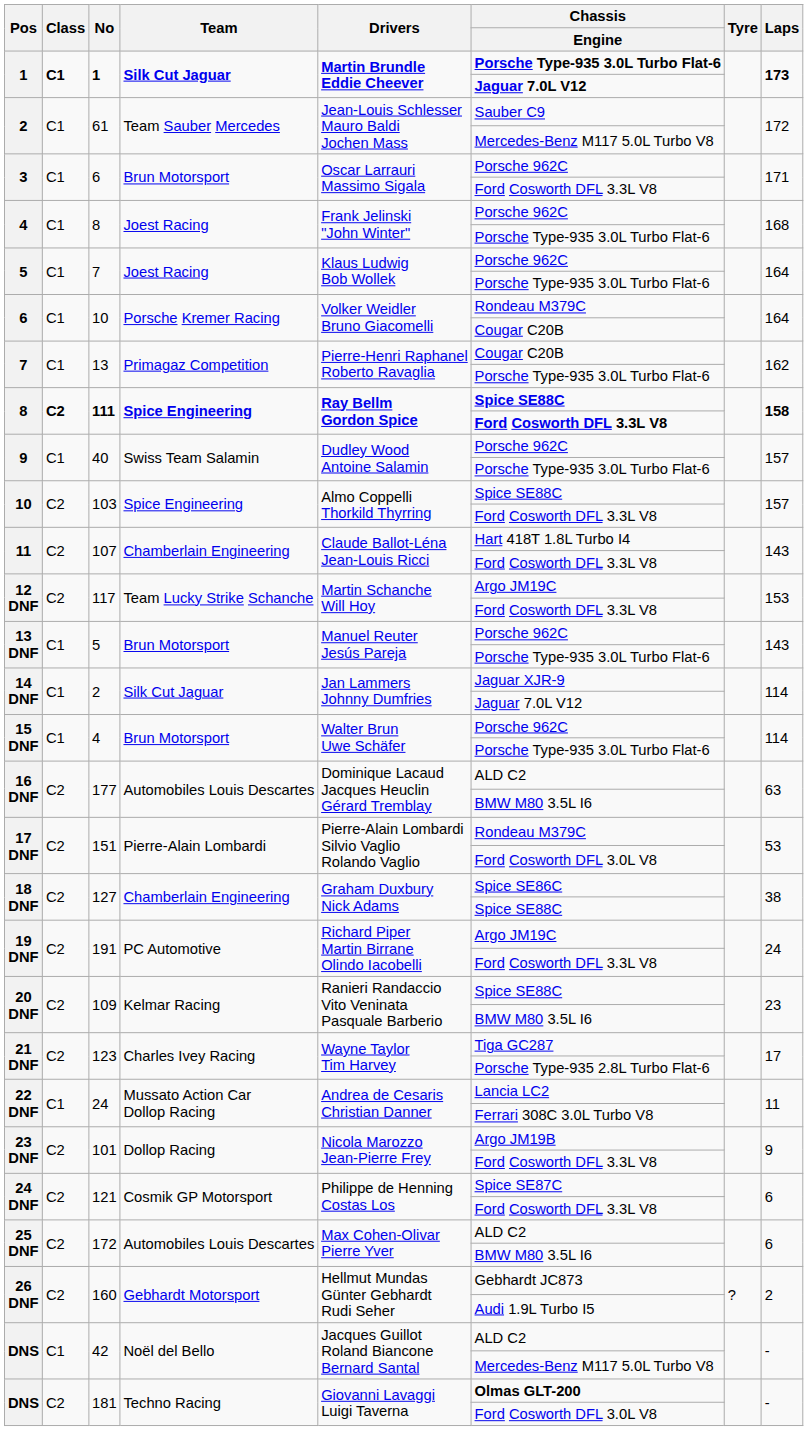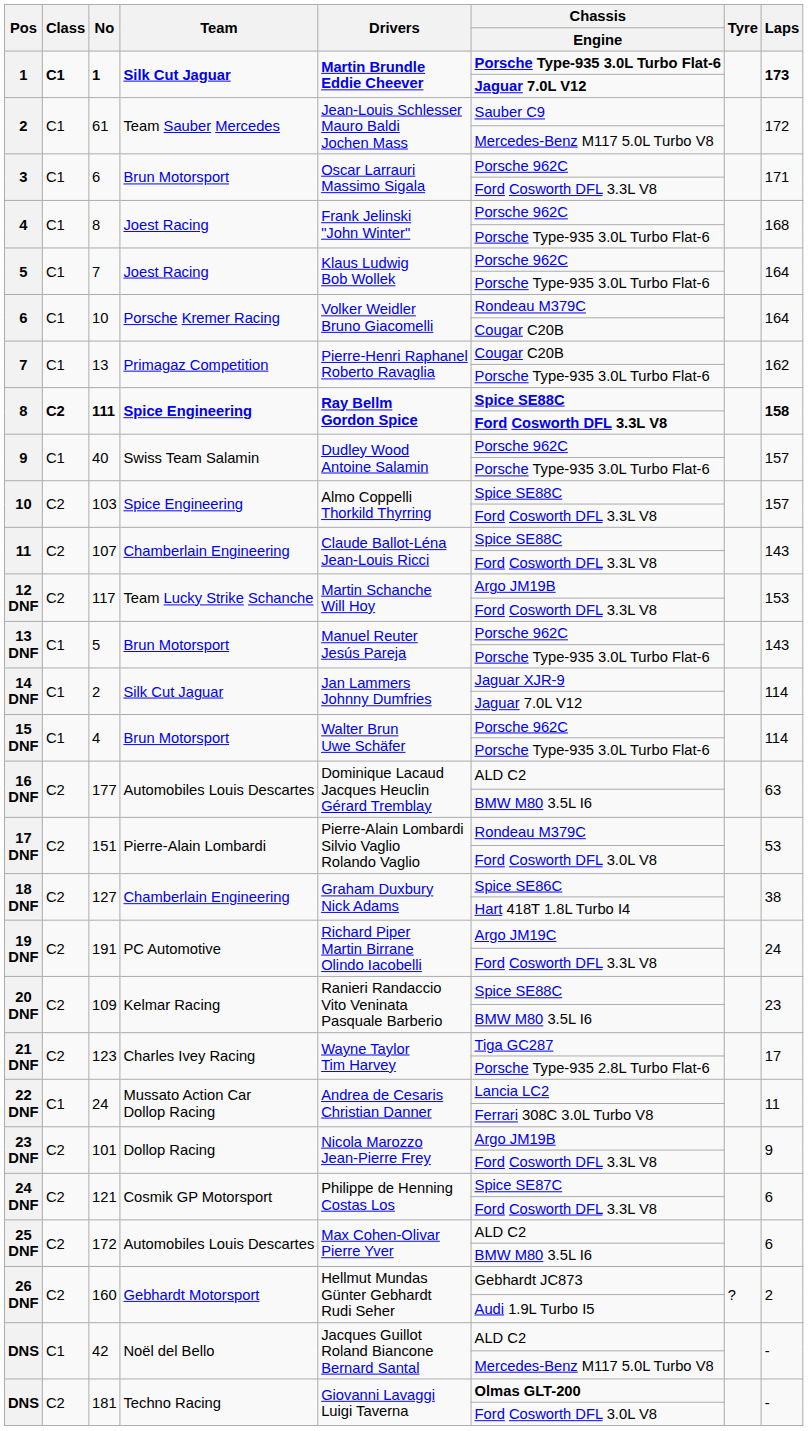 <table class="wikitable" style="font-size: 95%;">
 <tr>
 <th rowspan=2>Pos</th>
 <th rowspan=2>Class</th>
 <th rowspan=2>No</th>
 <th rowspan=2>Team</th>
 <th rowspan=2>Drivers</th>
 <th>Chassis</th>
 <th rowspan=2>Tyre</th>
 <th rowspan=2>Laps</th>
 </tr>
 <tr>
 <th>Engine</th>
 </tr>
 <tr style="font-weight:bold">
 <th rowspan=2>1</th>
 <td rowspan=2>C1</td>
 <td rowspan=2>1</td>
 <td rowspan=2> <a href='#'>Silk Cut Jaguar</a></td>
 <td rowspan=2> <a href='#'>Martin Brundle</a><br> <a href='#'>Eddie Cheever</a></td>
 <td><a href='#'>Porsche</a> Type-935 3.0L Turbo Flat-6</td>
 <td rowspan=2></td>
 <td rowspan=2>173</td>
 </tr>
 <tr style="font-weight:bold">
 <td><a href='#'>Jaguar</a> 7.0L V12</td>
 </tr>
 <tr>
 <th rowspan=2>2</th>
 <td rowspan=2>C1</td>
 <td rowspan=2>61</td>
 <td rowspan=2> Team <a href='#'>Sauber</a> <a href='#'>Mercedes</a></td>
 <td rowspan=2> <a href='#'>Jean-Louis Schlesser</a><br> <a href='#'>Mauro Baldi</a><br> <a href='#'>Jochen Mass</a></td>
 <td><a href='#'>Sauber C9</a></td>
 <td rowspan=2></td>
 <td rowspan=2>172</td>
 </tr>
 <tr>
 <td><a href='#'>Mercedes-Benz</a> M117 5.0L Turbo V8</td>
 </tr>
 <tr>
 <th rowspan=2>3</th>
 <td rowspan=2>C1</td>
 <td rowspan=2>6</td>
 <td rowspan=2> <a href='#'>Brun Motorsport</a></td>
 <td rowspan=2> <a href='#'>Oscar Larrauri</a><br> <a href='#'>Massimo Sigala</a></td>
 <td><a href='#'>Porsche 962C</a></td>
 <td rowspan=2></td>
 <td rowspan=2>171</td>
 </tr>
 <tr>
 <td><a href='#'>Ford</a> <a href='#'>Cosworth DFL</a> 3.3L V8</td>
 </tr>
 <tr>
 <th rowspan=2>4</th>
 <td rowspan=2>C1</td>
 <td rowspan=2>8</td>
 <td rowspan=2> <a href='#'>Joest Racing</a></td>
 <td rowspan=2> <a href='#'>Frank Jelinski</a><br> <a href='#'>"John Winter"</a></td>
 <td><a href='#'>Porsche 962C</a></td>
 <td rowspan=2></td>
 <td rowspan=2>168</td>
 </tr>
 <tr>
 <td><a href='#'>Porsche</a> Type-935 3.0L Turbo Flat-6</td>
 </tr>
 <tr>
 <th rowspan=2>5</th>
 <td rowspan=2>C1</td>
 <td rowspan=2>7</td>
 <td rowspan=2> <a href='#'>Joest Racing</a></td>
 <td rowspan=2> <a href='#'>Klaus Ludwig</a><br> <a href='#'>Bob Wollek</a></td>
 <td><a href='#'>Porsche 962C</a></td>
 <td rowspan=2></td>
 <td rowspan=2>164</td>
 </tr>
 <tr>
 <td><a href='#'>Porsche</a> Type-935 3.0L Turbo Flat-6</td>
 </tr>
 <tr>
 <th rowspan=2>6</th>
 <td rowspan=2>C1</td>
 <td rowspan=2>10</td>
 <td rowspan=2> <a href='#'>Porsche</a> <a href='#'>Kremer Racing</a></td>
 <td rowspan=2> <a href='#'>Volker Weidler</a><br> <a href='#'>Bruno Giacomelli</a></td>
 <td><a href='#'>Rondeau M379C</a></td>
 <td rowspan=2></td>
 <td rowspan=2>164</td>
 </tr>
 <tr>
 <td><a href='#'>Cougar</a> C20B</td>
 </tr>
 <tr>
 <th rowspan=2>7</th>
 <td rowspan=2>C1</td>
 <td rowspan=2>13</td>
 <td rowspan=2> <a href='#'>Primagaz Competition</a></td>
 <td rowspan=2> <a href='#'>Pierre-Henri Raphanel</a><br> <a href='#'>Roberto Ravaglia</a></td>
 <td><a href='#'>Cougar</a> C20B</td>
 <td rowspan=2></td>
 <td rowspan=2>162</td>
 </tr>
 <tr>
 <td><a href='#'>Porsche</a> Type-935 3.0L Turbo Flat-6</td>
 </tr>
 <tr style="font-weight:bold">
 <th rowspan=2>8</th>
 <td rowspan=2>C2</td>
 <td rowspan=2>111</td>
 <td rowspan=2> <a href='#'>Spice Engineering</a></td>
 <td rowspan=2> <a href='#'>Ray Bellm</a><br> <a href='#'>Gordon Spice</a></td>
 <td><a href='#'>Spice SE88C</a></td>
 <td rowspan=2></td>
 <td rowspan=2>158</td>
 </tr>
 <tr style="font-weight:bold">
 <td><a href='#'>Ford</a> <a href='#'>Cosworth DFL</a> 3.3L V8</td>
 </tr>
 <tr>
 <th rowspan=2>9</th>
 <td rowspan=2>C1</td>
 <td rowspan=2>40</td>
 <td rowspan=2> Swiss Team Salamin</td>
 <td rowspan=2> <a href='#'>Dudley Wood</a><br> <a href='#'>Antoine Salamin</a></td>
 <td><a href='#'>Porsche 962C</a></td>
 <td rowspan=2></td>
 <td rowspan=2>157</td>
 </tr>
 <tr>
 <td><a href='#'>Porsche</a> Type-935 3.0L Turbo Flat-6</td>
 </tr>
 <tr>
 <th rowspan=2>10</th>
 <td rowspan=2>C2</td>
 <td rowspan=2>103</td>
 <td rowspan=2> <a href='#'>Spice Engineering</a></td>
 <td rowspan=2> Almo Coppelli<br> <a href='#'>Thorkild Thyrring</a></td>
 <td><a href='#'>Spice SE88C</a></td>
 <td rowspan=2></td>
 <td rowspan=2>157</td>
 </tr>
 <tr>
 <td><a href='#'>Ford</a> <a href='#'>Cosworth DFL</a> 3.3L V8</td>
 </tr>
 <tr>
 <th rowspan=2>11</th>
 <td rowspan=2>C2</td>
 <td rowspan=2>107</td>
 <td rowspan=2> <a href='#'>Chamberlain Engineering</a></td>
 <td rowspan=2> <a href='#'>Claude Ballot-Léna</a><br> <a href='#'>Jean-Louis Ricci</a></td>
-<td><a href='#'>Hart</a> 418T 1.8L Turbo I4</td>
+<td><a href='#'>Spice SE88C</a></td>
 <td rowspan=2></td>
 <td rowspan=2>143</td>
 </tr>
 <tr>
 <td><a href='#'>Ford</a> <a href='#'>Cosworth DFL</a> 3.3L V8</td>
 </tr>
 <tr>
 <th rowspan=2>12<br>DNF</th>
 <td rowspan=2>C2</td>
 <td rowspan=2>117</td>
 <td rowspan=2> Team <a href='#'>Lucky Strike</a> <a href='#'>Schanche</a></td>
 <td rowspan=2> <a href='#'>Martin Schanche</a><br> <a href='#'>Will Hoy</a></td>
-<td><a href='#'>Argo JM19C</a></td>
+<td><a href='#'>Argo JM19B</a></td>
 <td rowspan=2></td>
 <td rowspan=2>153</td>
 </tr>
 <tr>
 <td><a href='#'>Ford</a> <a href='#'>Cosworth DFL</a> 3.3L V8</td>
 </tr>
 <tr>
 <th rowspan=2>13<br>DNF</th>
 <td rowspan=2>C1</td>
 <td rowspan=2>5</td>
 <td rowspan=2> <a href='#'>Brun Motorsport</a></td>
 <td rowspan=2> <a href='#'>Manuel Reuter</a><br> <a href='#'>Jesús Pareja</a></td>
 <td><a href='#'>Porsche 962C</a></td>
 <td rowspan=2></td>
 <td rowspan=2>143</td>
 </tr>
 <tr>
 <td><a href='#'>Porsche</a> Type-935 3.0L Turbo Flat-6</td>
 </tr>
 <tr>
 <th rowspan=2>14<br>DNF</th>
 <td rowspan=2>C1</td>
 <td rowspan=2>2</td>
 <td rowspan=2> <a href='#'>Silk Cut Jaguar</a></td>
 <td rowspan=2> <a href='#'>Jan Lammers</a><br> <a href='#'>Johnny Dumfries</a></td>
 <td><a href='#'>Jaguar XJR-9</a></td>
 <td rowspan=2></td>
 <td rowspan=2>114</td>
 </tr>
 <tr>
 <td><a href='#'>Jaguar</a> 7.0L V12</td>
 </tr>
 <tr>
 <th rowspan=2>15<br>DNF</th>
 <td rowspan=2>C1</td>
 <td rowspan=2>4</td>
 <td rowspan=2> <a href='#'>Brun Motorsport</a></td>
 <td rowspan=2> <a href='#'>Walter Brun</a><br> <a href='#'>Uwe Schäfer</a></td>
 <td><a href='#'>Porsche 962C</a></td>
 <td rowspan=2></td>
 <td rowspan=2>114</td>
 </tr>
 <tr>
 <td><a href='#'>Porsche</a> Type-935 3.0L Turbo Flat-6</td>
 </tr>
 <tr>
 <th rowspan=2>16<br>DNF</th>
 <td rowspan=2>C2</td>
 <td rowspan=2>177</td>
 <td rowspan=2> Automobiles Louis Descartes</td>
 <td rowspan=2> Dominique Lacaud<br> Jacques Heuclin<br> <a href='#'>Gérard Tremblay</a></td>
 <td>ALD C2</td>
 <td rowspan=2></td>
 <td rowspan=2>63</td>
 </tr>
 <tr>
 <td><a href='#'>BMW M80</a> 3.5L I6</td>
 </tr>
 <tr>
 <th rowspan=2>17<br>DNF</th>
 <td rowspan=2>C2</td>
 <td rowspan=2>151</td>
 <td rowspan=2> Pierre-Alain Lombardi</td>
 <td rowspan=2> Pierre-Alain Lombardi<br> Silvio Vaglio<br> Rolando Vaglio</td>
 <td><a href='#'>Rondeau M379C</a></td>
 <td rowspan=2></td>
 <td rowspan=2>53</td>
 </tr>
 <tr>
 <td><a href='#'>Ford</a> <a href='#'>Cosworth DFL</a> 3.0L V8</td>
 </tr>
 <tr>
 <th rowspan=2>18<br>DNF</th>
 <td rowspan=2>C2</td>
 <td rowspan=2>127</td>
 <td rowspan=2> <a href='#'>Chamberlain Engineering</a></td>
 <td rowspan=2> <a href='#'>Graham Duxbury</a><br> <a href='#'>Nick Adams</a></td>
 <td><a href='#'>Spice SE86C</a></td>
 <td rowspan=2></td>
 <td rowspan=2>38</td>
 </tr>
 <tr>
-<td><a href='#'>Spice SE88C</a></td>
+<td><a href='#'>Hart</a> 418T 1.8L Turbo I4</td>
 </tr>
 <tr>
 <th rowspan=2>19<br>DNF</th>
 <td rowspan=2>C2</td>
 <td rowspan=2>191</td>
 <td rowspan=2> PC Automotive</td>
 <td rowspan=2> <a href='#'>Richard Piper</a><br> <a href='#'>Martin Birrane</a><br> <a href='#'>Olindo Iacobelli</a></td>
 <td><a href='#'>Argo JM19C</a></td>
 <td rowspan=2></td>
 <td rowspan=2>24</td>
 </tr>
 <tr>
 <td><a href='#'>Ford</a> <a href='#'>Cosworth DFL</a> 3.3L V8</td>
 </tr>
 <tr>
 <th rowspan=2>20<br>DNF</th>
 <td rowspan=2>C2</td>
 <td rowspan=2>109</td>
 <td rowspan=2> Kelmar Racing</td>
 <td rowspan=2> Ranieri Randaccio<br> Vito Veninata<br> Pasquale Barberio</td>
 <td><a href='#'>Spice SE88C</a></td>
 <td rowspan=2></td>
 <td rowspan=2>23</td>
 </tr>
 <tr>
 <td><a href='#'>BMW M80</a> 3.5L I6</td>
 </tr>
 <tr>
 <th rowspan=2>21<br>DNF</th>
 <td rowspan=2>C2</td>
 <td rowspan=2>123</td>
 <td rowspan=2> Charles Ivey Racing</td>
 <td rowspan=2> <a href='#'>Wayne Taylor</a><br> <a href='#'>Tim Harvey</a></td>
 <td><a href='#'>Tiga GC287</a></td>
 <td rowspan=2></td>
 <td rowspan=2>17</td>
 </tr>
 <tr>
 <td><a href='#'>Porsche</a> Type-935 2.8L Turbo Flat-6</td>
 </tr>
 <tr>
 <th rowspan=2>22<br>DNF</th>
 <td rowspan=2>C1</td>
 <td rowspan=2>24</td>
 <td rowspan=2> Mussato Action Car<br> Dollop Racing</td>
 <td rowspan=2> <a href='#'>Andrea de Cesaris</a><br> <a href='#'>Christian Danner</a></td>
 <td><a href='#'>Lancia LC2</a></td>
 <td rowspan=2></td>
 <td rowspan=2>11</td>
 </tr>
 <tr>
 <td><a href='#'>Ferrari</a> 308C 3.0L Turbo V8</td>
 </tr>
 <tr>
 <th rowspan=2>23<br>DNF</th>
 <td rowspan=2>C2</td>
 <td rowspan=2>101</td>
 <td rowspan=2> Dollop Racing</td>
 <td rowspan=2> <a href='#'>Nicola Marozzo</a><br> <a href='#'>Jean-Pierre Frey</a></td>
 <td><a href='#'>Argo JM19B</a></td>
 <td rowspan=2></td>
 <td rowspan=2>9</td>
 </tr>
 <tr>
 <td><a href='#'>Ford</a> <a href='#'>Cosworth DFL</a> 3.3L V8</td>
 </tr>
 <tr>
 <th rowspan=2>24<br>DNF</th>
 <td rowspan=2>C2</td>
 <td rowspan=2>121</td>
 <td rowspan=2> Cosmik GP Motorsport</td>
 <td rowspan=2> Philippe de Henning<br> <a href='#'>Costas Los</a></td>
 <td><a href='#'>Spice SE87C</a></td>
 <td rowspan=2></td>
 <td rowspan=2>6</td>
 </tr>
 <tr>
 <td><a href='#'>Ford</a> <a href='#'>Cosworth DFL</a> 3.3L V8</td>
 </tr>
 <tr>
 <th rowspan=2>25<br>DNF</th>
 <td rowspan=2>C2</td>
 <td rowspan=2>172</td>
 <td rowspan=2> Automobiles Louis Descartes</td>
 <td rowspan=2> <a href='#'>Max Cohen-Olivar</a><br> <a href='#'>Pierre Yver</a></td>
 <td>ALD C2</td>
 <td rowspan=2></td>
 <td rowspan=2>6</td>
 </tr>
 <tr>
 <td><a href='#'>BMW M80</a> 3.5L I6</td>
 </tr>
 <tr>
 <th rowspan=2>26<br>DNF</th>
 <td rowspan=2>C2</td>
 <td rowspan=2>160</td>
 <td rowspan=2> <a href='#'>Gebhardt Motorsport</a></td>
 <td rowspan=2> Hellmut Mundas<br> Günter Gebhardt<br> Rudi Seher</td>
 <td>Gebhardt JC873</td>
 <td rowspan=2>?</td>
 <td rowspan=2>2</td>
 </tr>
 <tr>
 <td><a href='#'>Audi</a> 1.9L Turbo I5</td>
 </tr>
 <tr>
 <th rowspan=2>DNS</th>
 <td rowspan=2>C1</td>
 <td rowspan=2>42</td>
 <td rowspan=2> Noël del Bello</td>
 <td rowspan=2> Jacques Guillot<br> Roland Biancone<br> <a href='#'>Bernard Santal</a></td>
 <td>ALD C2</td>
 <td rowspan=2></td>
 <td rowspan=2>-</td>
 </tr>
 <tr>
 <td><a href='#'>Mercedes-Benz</a> M117 5.0L Turbo V8</td>
 </tr>
 <tr>
 <th rowspan=2>DNS</th>
 <td rowspan=2>C2</td>
 <td rowspan=2>181</td>
 <td rowspan=2> Techno Racing</td>
 <td rowspan=2> <a href='#'>Giovanni Lavaggi</a><br> Luigi Taverna</td>
 <td><strong>Olmas GLT-200</strong></td>
 <td rowspan=2></td>
 <td rowspan=2>-</td>
 </tr>
 <tr>
 <td><a href='#'>Ford</a> <a href='#'>Cosworth DFL</a> 3.0L V8</td>
 </tr>
 </table>
